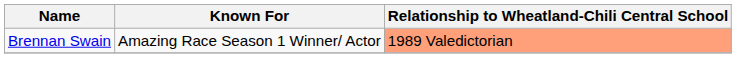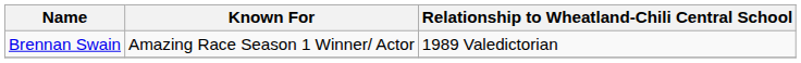 <table class="wikitable">
 <tr>
 <th>Name</th>
 <th>Known For</th>
 <th>Relationship to Wheatland-Chili Central School</th>
 </tr>
 <tr>
 <td><a href='#'>Brennan Swain</a></td>
 <td>Amazing Race Season 1 Winner/ Actor </td>
-<td style="background: lightsalmon;">1989 Valedictorian</td>
+<td>1989 Valedictorian</td>
 </tr>
 <tr>
 </tr>
 </table>
